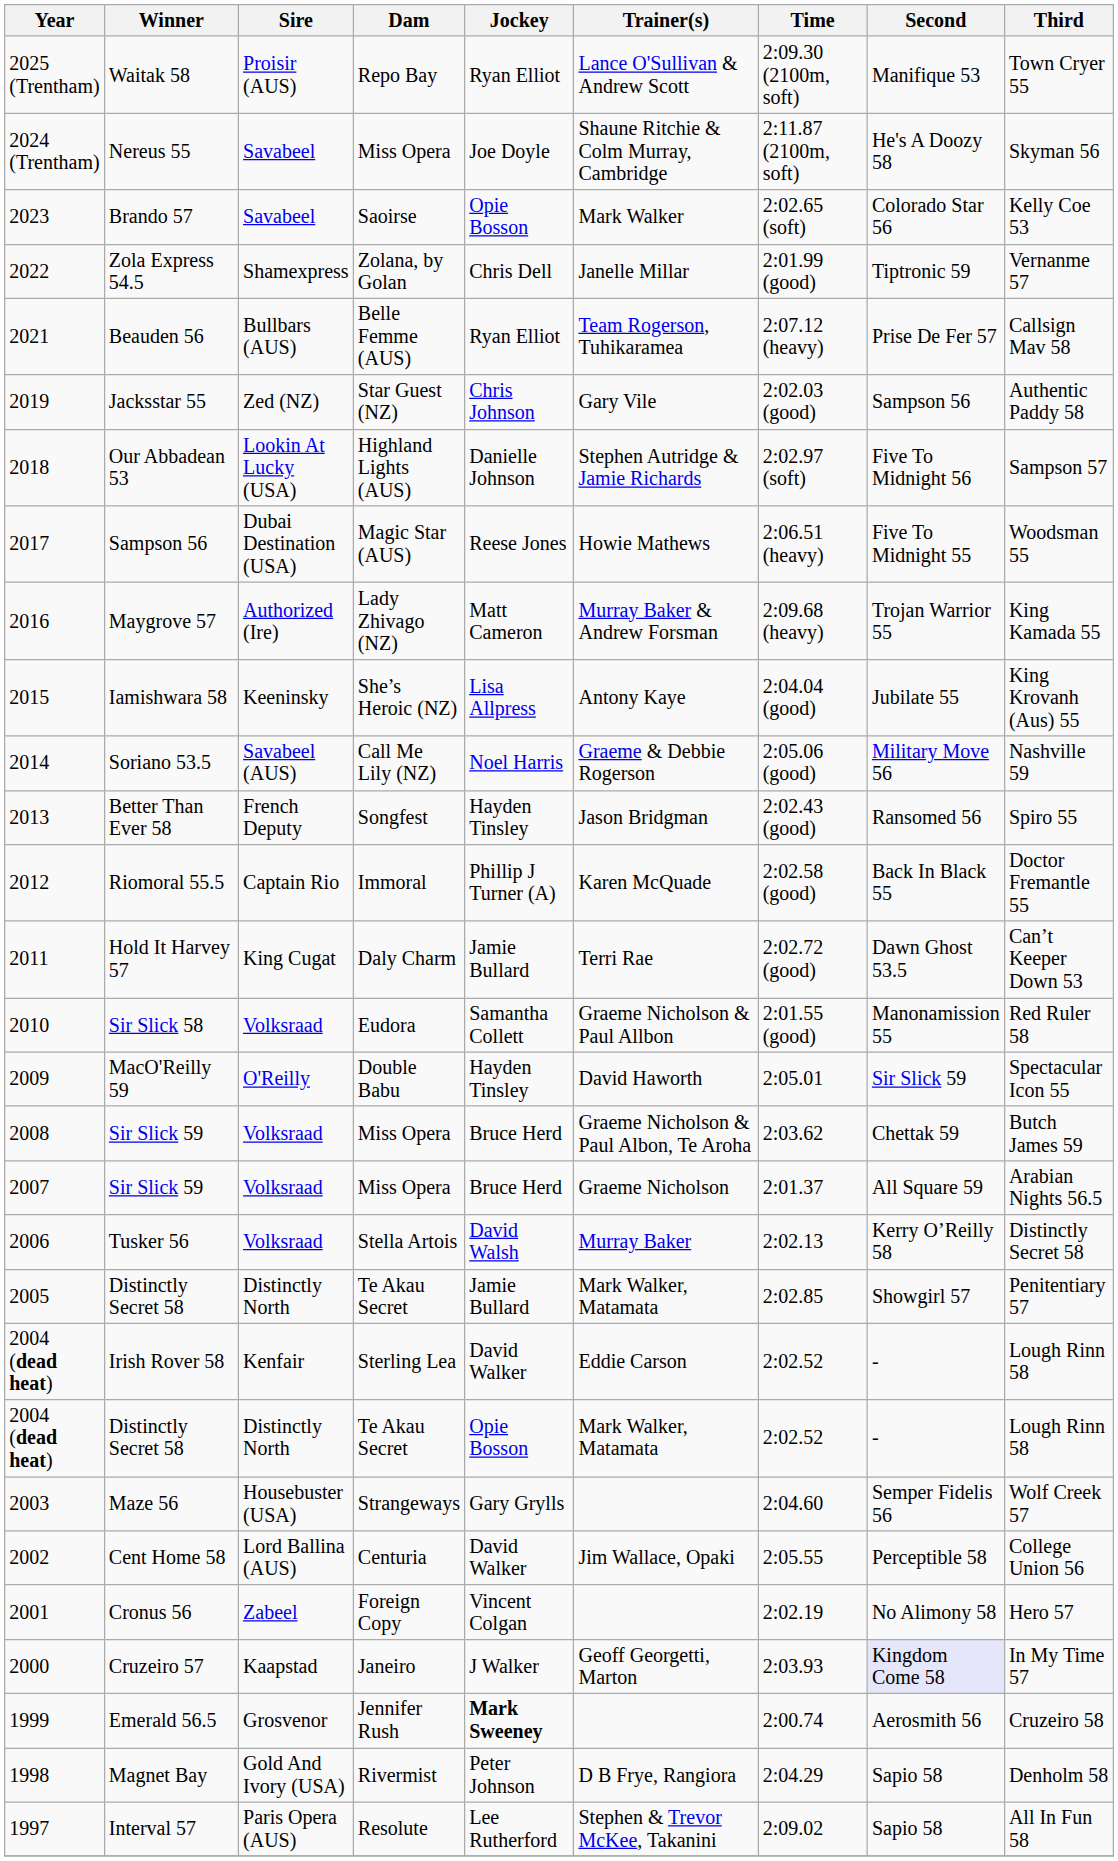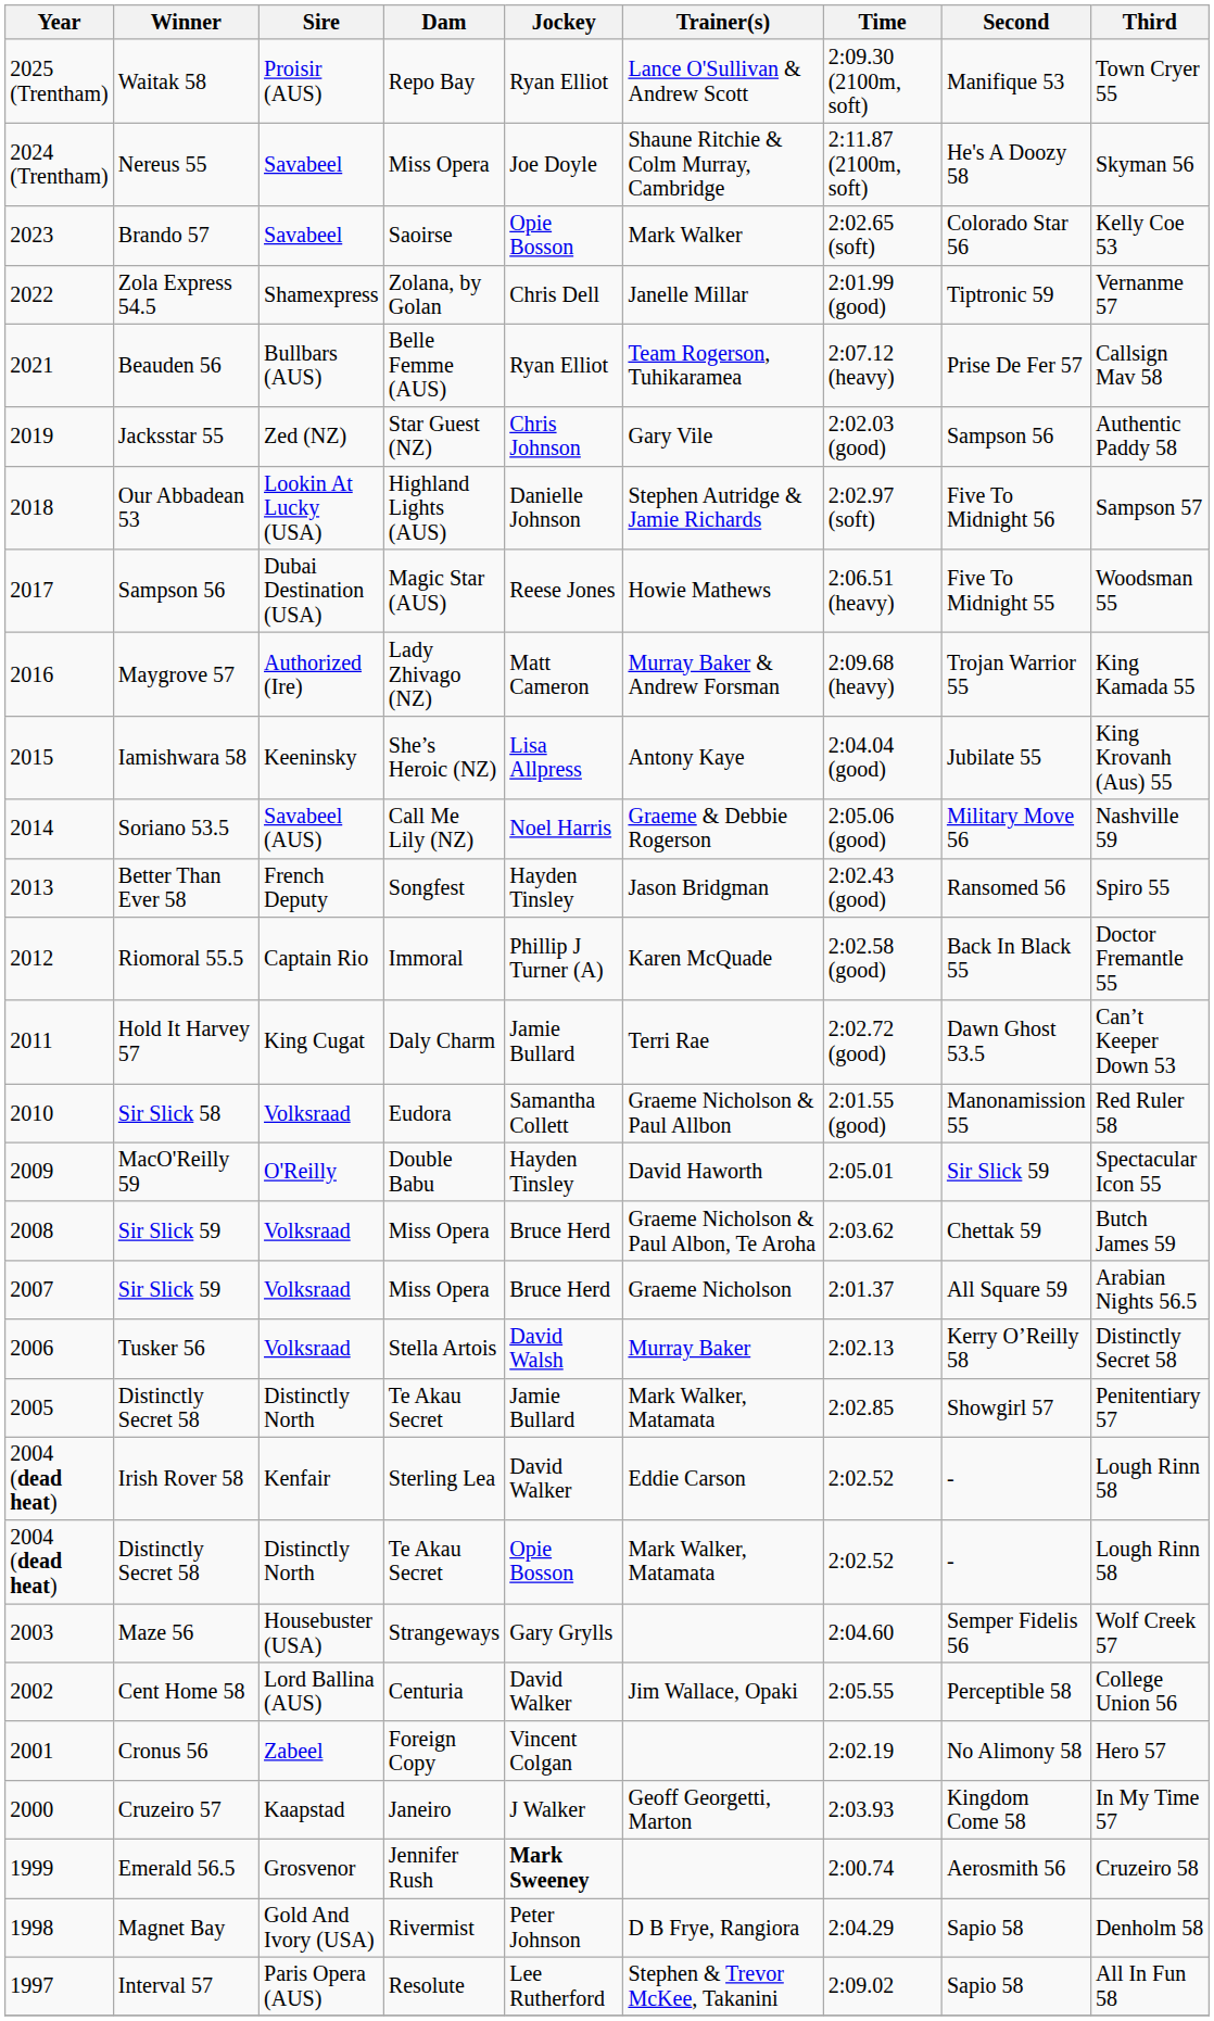 <table class="wikitable sortable">
 <tr>
 <th width="70px">Year<br></th>
 <th width="100px">Winner<br></th>
 <th width="80px">Sire <br></th>
 <th width="80px">Dam<br></th>
 <th width="80px">Jockey<br></th>
 <th width="140px">Trainer(s)<br></th>
 <th width="80px">Time<br></th>
 <th width="80px">Second<br></th>
 <th width="80px">Third <br></th>
 </tr>
 <tr>
 <td>2025 (Trentham)</td>
 <td>Waitak 58</td>
 <td><a href='#'>Proisir</a> (AUS)</td>
 <td>Repo Bay</td>
 <td>Ryan Elliot</td>
 <td><a href='#'>Lance O'Sullivan</a> & Andrew Scott</td>
 <td>2:09.30 (2100m, soft)</td>
 <td>Manifique 53</td>
 <td>Town Cryer 55</td>
 </tr>
 <tr>
 <td>2024  (Trentham)</td>
 <td>Nereus 55</td>
 <td><a href='#'>Savabeel</a></td>
 <td>Miss Opera</td>
 <td>Joe Doyle</td>
 <td>Shaune Ritchie & Colm Murray, Cambridge</td>
 <td>2:11.87 (2100m, soft)</td>
 <td>He's A Doozy 58</td>
 <td>Skyman 56</td>
 </tr>
 <tr>
 <td>2023 </td>
 <td>Brando 57</td>
 <td><a href='#'>Savabeel</a></td>
 <td>Saoirse</td>
 <td><a href='#'>Opie Bosson</a></td>
 <td>Mark Walker</td>
 <td>2:02.65 (soft)</td>
 <td>Colorado Star 56</td>
 <td>Kelly Coe 53</td>
 </tr>
 <tr>
 <td>2022</td>
 <td>Zola Express 54.5</td>
 <td>Shamexpress</td>
 <td>Zolana, by Golan</td>
 <td>Chris Dell</td>
 <td>Janelle Millar</td>
 <td>2:01.99 (good)</td>
 <td>Tiptronic 59</td>
 <td>Vernanme 57</td>
 </tr>
 <tr>
 <td>2021</td>
 <td>Beauden 56</td>
 <td>Bullbars (AUS)</td>
 <td>Belle Femme (AUS)</td>
 <td>Ryan Elliot</td>
 <td><a href='#'>Team Rogerson</a>, Tuhikaramea</td>
 <td>2:07.12 (heavy)</td>
 <td>Prise De Fer 57</td>
 <td>Callsign Mav 58</td>
 </tr>
 <tr>
 <td>2019</td>
 <td>Jacksstar 55</td>
 <td>Zed (NZ)</td>
 <td>Star Guest (NZ)</td>
 <td><a href='#'>Chris Johnson</a></td>
 <td>Gary Vile</td>
 <td>2:02.03 (good)</td>
 <td>Sampson 56</td>
 <td>Authentic Paddy 58</td>
 </tr>
 <tr>
 <td>2018</td>
 <td>Our Abbadean 53</td>
 <td><a href='#'>Lookin At Lucky</a> (USA)</td>
 <td>Highland Lights (AUS)</td>
 <td>Danielle Johnson</td>
 <td>Stephen Autridge & <a href='#'>Jamie Richards</a></td>
 <td>2:02.97 (soft)</td>
 <td>Five To Midnight 56</td>
 <td>Sampson 57</td>
 </tr>
 <tr>
 <td>2017</td>
 <td>Sampson 56</td>
 <td>Dubai Destination (USA)</td>
 <td>Magic Star (AUS)</td>
 <td>Reese Jones</td>
 <td>Howie Mathews</td>
 <td>2:06.51 (heavy)</td>
 <td>Five To Midnight 55</td>
 <td>Woodsman 55</td>
 </tr>
 <tr>
 <td>2016</td>
 <td>Maygrove 57</td>
 <td><a href='#'>Authorized</a> (Ire)</td>
 <td>Lady Zhivago (NZ)</td>
 <td>Matt Cameron</td>
 <td><a href='#'>Murray Baker</a> & Andrew Forsman</td>
 <td>2:09.68 (heavy)</td>
 <td>Trojan Warrior 55</td>
 <td>King Kamada 55</td>
 </tr>
 <tr>
 <td>2015</td>
 <td>Iamishwara 58</td>
 <td>Keeninsky</td>
 <td>She’s Heroic (NZ)</td>
 <td><a href='#'>Lisa Allpress</a></td>
 <td>Antony Kaye</td>
 <td>2:04.04 (good)</td>
 <td>Jubilate 55</td>
 <td>King Krovanh (Aus) 55</td>
 </tr>
 <tr>
 <td>2014</td>
 <td>Soriano 53.5</td>
 <td><a href='#'>Savabeel</a> (AUS)</td>
 <td>Call Me Lily (NZ)</td>
 <td><a href='#'>Noel Harris</a></td>
 <td><a href='#'>Graeme</a> & Debbie Rogerson</td>
 <td>2:05.06 (good)</td>
 <td><a href='#'>Military Move</a> 56</td>
 <td>Nashville 59</td>
 </tr>
 <tr>
 <td>2013</td>
 <td>Better Than Ever 58</td>
 <td>French Deputy</td>
 <td>Songfest</td>
 <td>Hayden Tinsley</td>
 <td>Jason Bridgman</td>
 <td>2:02.43 (good)</td>
 <td>Ransomed 56</td>
 <td>Spiro 55</td>
 </tr>
 <tr>
 <td>2012</td>
 <td>Riomoral 55.5</td>
 <td>Captain Rio</td>
 <td>Immoral</td>
 <td>Phillip J Turner (A)</td>
 <td>Karen McQuade</td>
 <td>2:02.58 (good)</td>
 <td>Back In Black 55</td>
 <td>Doctor Fremantle 55</td>
 </tr>
 <tr>
 <td>2011</td>
 <td>Hold It Harvey 57</td>
 <td>King Cugat</td>
 <td>Daly Charm</td>
 <td>Jamie Bullard</td>
 <td>Terri Rae</td>
 <td>2:02.72 (good)</td>
 <td>Dawn Ghost 53.5</td>
 <td>Can’t Keeper Down 53</td>
 </tr>
 <tr>
 <td>2010</td>
 <td><a href='#'>Sir Slick</a> 58</td>
 <td><a href='#'>Volksraad</a></td>
 <td>Eudora</td>
 <td>Samantha Collett</td>
 <td>Graeme Nicholson & Paul Allbon</td>
 <td>2:01.55 (good)</td>
 <td>Manonamission 55</td>
 <td>Red Ruler 58</td>
 </tr>
 <tr>
 <td>2009</td>
 <td>MacO'Reilly 59</td>
 <td><a href='#'>O'Reilly</a></td>
 <td>Double Babu</td>
 <td>Hayden Tinsley</td>
 <td>David Haworth</td>
 <td>2:05.01</td>
 <td><a href='#'>Sir Slick</a> 59</td>
 <td>Spectacular Icon 55</td>
 </tr>
 <tr>
 <td>2008</td>
 <td><a href='#'>Sir Slick</a> 59</td>
 <td><a href='#'>Volksraad</a></td>
 <td>Miss Opera</td>
 <td>Bruce Herd</td>
 <td>Graeme Nicholson & Paul Albon, Te Aroha</td>
 <td>2:03.62</td>
 <td>Chettak 59</td>
 <td>Butch James 59</td>
 </tr>
 <tr>
 <td>2007</td>
 <td><a href='#'>Sir Slick</a> 59</td>
 <td><a href='#'>Volksraad</a></td>
 <td>Miss Opera</td>
 <td>Bruce Herd</td>
 <td>Graeme Nicholson</td>
 <td>2:01.37</td>
 <td>All Square 59</td>
 <td>Arabian Nights 56.5</td>
 </tr>
 <tr>
 <td>2006</td>
 <td>Tusker 56</td>
 <td><a href='#'>Volksraad</a></td>
 <td>Stella Artois</td>
 <td><a href='#'>David Walsh</a></td>
 <td><a href='#'>Murray Baker</a></td>
 <td>2:02.13</td>
 <td>Kerry O’Reilly 58</td>
 <td>Distinctly Secret 58</td>
 </tr>
 <tr>
 <td>2005</td>
 <td>Distinctly Secret 58</td>
 <td>Distinctly North</td>
 <td>Te Akau Secret</td>
 <td>Jamie Bullard</td>
 <td>Mark Walker, Matamata</td>
 <td>2:02.85</td>
 <td>Showgirl 57</td>
 <td>Penitentiary 57</td>
 </tr>
 <tr>
 <td>2004 (<strong>dead heat</strong>)</td>
 <td>Irish Rover 58</td>
 <td>Kenfair</td>
 <td>Sterling Lea</td>
 <td>David Walker</td>
 <td>Eddie Carson</td>
 <td>2:02.52</td>
 <td>-</td>
 <td>Lough Rinn 58</td>
 </tr>
 <tr>
 <td>2004 (<strong>dead heat</strong>)</td>
 <td>Distinctly Secret 58</td>
 <td>Distinctly North</td>
 <td>Te Akau Secret</td>
 <td><a href='#'>Opie Bosson</a></td>
 <td>Mark Walker, Matamata</td>
 <td>2:02.52</td>
 <td>-</td>
 <td>Lough Rinn 58</td>
 </tr>
 <tr>
 <td>2003</td>
 <td>Maze 56</td>
 <td>Housebuster (USA)</td>
 <td>Strangeways</td>
 <td>Gary Grylls</td>
 <td></td>
 <td>2:04.60</td>
 <td>Semper Fidelis 56</td>
 <td>Wolf Creek 57</td>
 </tr>
 <tr>
 <td>2002</td>
 <td>Cent Home 58</td>
 <td>Lord Ballina (AUS)</td>
 <td>Centuria</td>
 <td>David Walker</td>
 <td>Jim Wallace, Opaki</td>
 <td>2:05.55</td>
 <td>Perceptible 58</td>
 <td>College Union 56</td>
 </tr>
 <tr>
 <td>2001</td>
 <td>Cronus 56</td>
 <td><a href='#'>Zabeel</a></td>
 <td>Foreign Copy</td>
 <td>Vincent Colgan</td>
 <td></td>
 <td>2:02.19</td>
 <td>No Alimony 58</td>
 <td>Hero 57</td>
 </tr>
 <tr>
 <td>2000</td>
 <td>Cruzeiro 57</td>
 <td>Kaapstad</td>
 <td>Janeiro</td>
 <td>J Walker</td>
 <td>Geoff Georgetti, Marton</td>
 <td>2:03.93</td>
-<td style="background: lavender;">Kingdom Come 58</td>
+<td>Kingdom Come 58</td>
 <td>In My Time 57</td>
 </tr>
 <tr>
 <td>1999</td>
 <td>Emerald 56.5</td>
 <td>Grosvenor</td>
 <td>Jennifer Rush</td>
 <td><strong>Mark Sweeney</strong></td>
 <td></td>
 <td>2:00.74</td>
 <td>Aerosmith 56</td>
 <td>Cruzeiro 58</td>
 </tr>
 <tr>
 <td>1998</td>
 <td>Magnet Bay</td>
 <td>Gold And Ivory (USA)</td>
 <td>Rivermist</td>
 <td>Peter Johnson</td>
 <td>D B Frye, Rangiora</td>
 <td>2:04.29</td>
 <td>Sapio 58</td>
 <td>Denholm 58</td>
 </tr>
 <tr>
 <td>1997</td>
 <td>Interval 57</td>
 <td>Paris Opera (AUS)</td>
 <td>Resolute</td>
 <td>Lee Rutherford</td>
 <td>Stephen & <a href='#'>Trevor McKee</a>, Takanini</td>
 <td>2:09.02</td>
 <td>Sapio 58</td>
 <td>All In Fun 58</td>
 </tr>
 <tr>
 </tr>
 </table>
